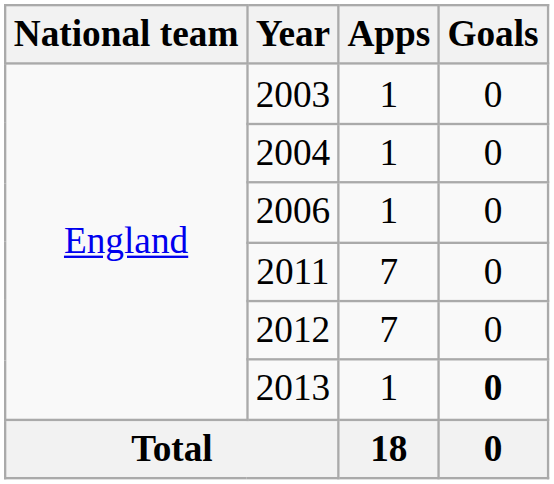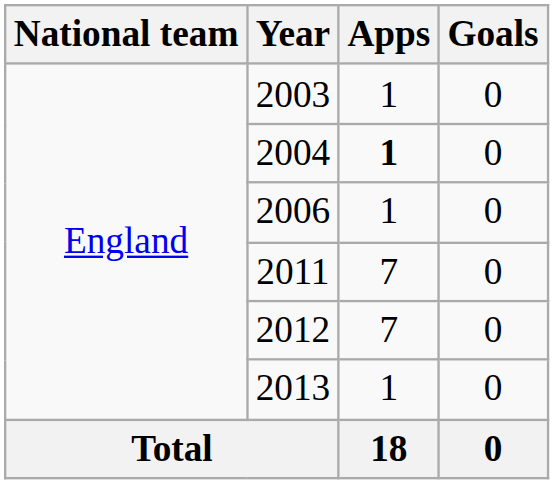 <table class="wikitable" style="text-align: center;">
 <tr>
 <th>National team</th>
 <th>Year</th>
 <th>Apps</th>
 <th>Goals</th>
 </tr>
 <tr>
 <td rowspan="6"><a href='#'>England</a></td>
 <td>2003</td>
 <td>1</td>
 <td>0</td>
 </tr>
 <tr>
 <td>2004</td>
-<td>1</td>
+<td><strong>1</strong></td>
 <td>0</td>
 </tr>
 <tr>
 <td>2006</td>
 <td>1</td>
 <td>0</td>
 </tr>
 <tr>
 <td>2011</td>
 <td>7</td>
 <td>0</td>
 </tr>
 <tr>
 <td>2012</td>
 <td>7</td>
 <td>0</td>
 </tr>
 <tr>
 <td>2013</td>
 <td>1</td>
-<td><strong>0</strong></td>
+<td>0</td>
 </tr>
 <tr>
 <th colspan="2">Total</th>
 <th>18</th>
 <th>0</th>
 </tr>
 </table>
